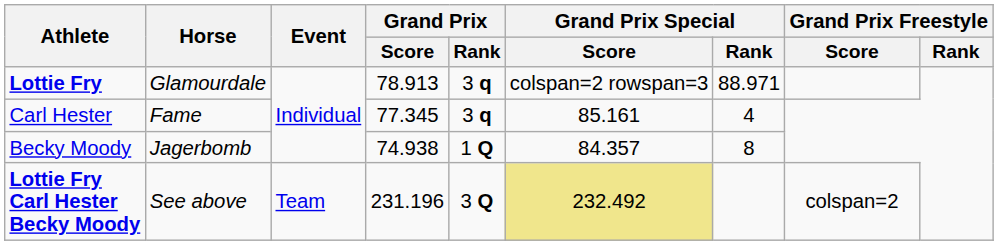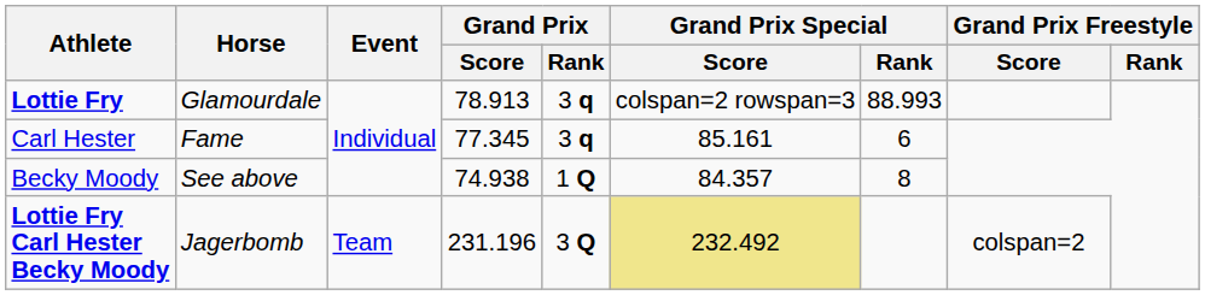 <table class="wikitable" style="font-size:90%; text-align:center;">
 <tr>
 <th rowspan="2">Athlete</th>
 <th rowspan="2">Horse</th>
 <th rowspan="2">Event</th>
 <th colspan="2">Grand Prix</th>
 <th colspan="2">Grand Prix Special</th>
 <th Colspan="2">Grand Prix Freestyle</th>
 </tr>
 <tr style="font-size:95%">
 <th>Score</th>
 <th>Rank</th>
 <th>Score</th>
 <th>Rank</th>
 <th>Score</th>
 <th>Rank</th>
 </tr>
 <tr>
 <td align="left"><strong><a href='#'>Lottie Fry</a></strong></td>
 <td align="left"><em>Glamourdale</em></td>
 <td rowspan="3" align="left"><a href='#'>Individual</a></td>
 <td>78.913</td>
 <td>3 <strong>q</strong></td>
 <td>colspan=2 rowspan=3 </td>
-<td>88.971</td>
+<td>88.993</td>
 <td></td>
 </tr>
 <tr>
 <td align="left"><a href='#'>Carl Hester</a></td>
 <td align="left"><em>Fame</em></td>
 <td>77.345</td>
 <td>3 <strong>q</strong></td>
 <td>85.161</td>
-<td>4</td>
+<td>6</td>
 </tr>
 <tr>
 <td align="left"><a href='#'>Becky Moody</a></td>
-<td align="left"><em>Jagerbomb</em></td>
+<td align="left"><em>See above</em></td>
 <td>74.938</td>
 <td>1 <strong>Q</strong></td>
 <td>84.357</td>
 <td>8</td>
 </tr>
 <tr>
 <td align="left"><strong><a href='#'>Lottie Fry</a></strong><br><strong><a href='#'>Carl Hester</a></strong><br><strong><a href='#'>Becky Moody</a></strong></td>
-<td align="left"><em>See above</em></td>
+<td align="left"><em>Jagerbomb</em></td>
 <td align="left"><a href='#'>Team</a></td>
 <td>231.196</td>
 <td>3 <strong>Q</strong></td>
 <td style="background: khaki;">232.492</td>
 <td></td>
 <td>colspan=2 </td>
 </tr>
 </table>
